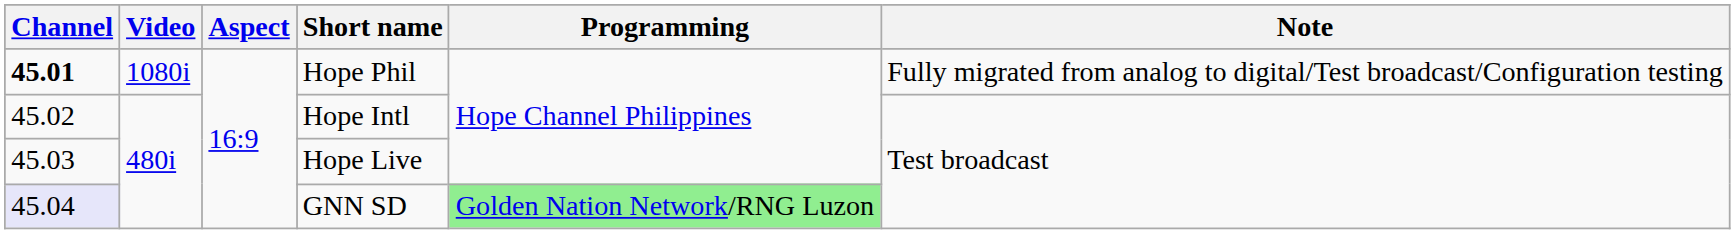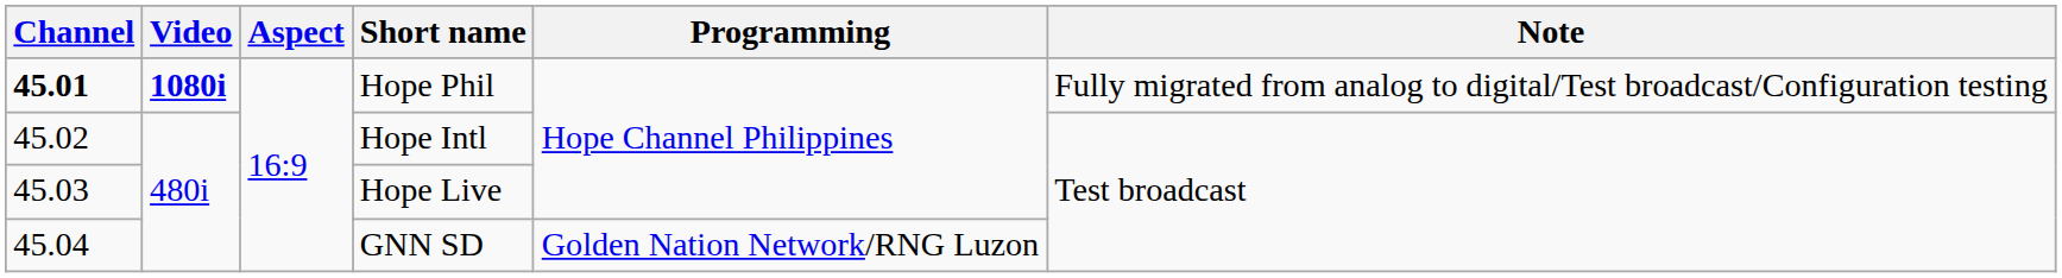 <table class="wikitable">
 <tr>
 <th><a href='#'>Channel</a></th>
 <th><a href='#'>Video</a></th>
 <th><a href='#'>Aspect</a></th>
 <th>Short name</th>
 <th>Programming</th>
 <th>Note</th>
 </tr>
 <tr>
 <td><strong>45.01</strong></td>
-<td><a href='#'>1080i</a></td>
+<td><strong><a href='#'>1080i</a></strong></td>
 <td rowspan="4"><a href='#'>16:9</a></td>
 <td>Hope Phil</td>
 <td rowspan="3"><a href='#'>Hope Channel Philippines</a></td>
 <td>Fully migrated from analog to digital/Test broadcast/Configuration testing</td>
 </tr>
 <tr>
 <td>45.02</td>
 <td rowspan="4"><a href='#'>480i</a></td>
 <td>Hope Intl</td>
 <td rowspan="3">Test broadcast</td>
 </tr>
 <tr>
 <td>45.03</td>
 <td>Hope Live</td>
 </tr>
 <tr>
-<td style="background: lavender;">45.04</td>
+<td>45.04</td>
 <td>GNN SD</td>
-<td style="background: lightgreen;"><a href='#'>Golden Nation Network</a>/RNG Luzon</td>
+<td><a href='#'>Golden Nation Network</a>/RNG Luzon</td>
 </tr>
 </table>
